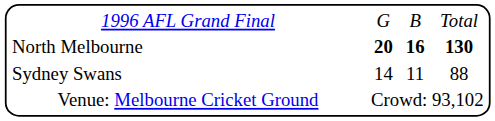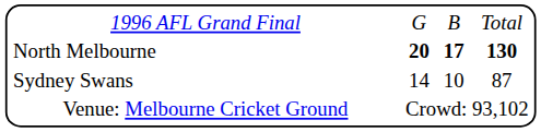 <table style="margin-right:4px; margin-top:8px; float:right; border:1px #000000 solid; border-radius:8px; background:#FFFFFF; font-family:Verdana; font-size:8pt; text-align:center;">
 <tr>
 <td width=200><em><a href='#'>1996 AFL Grand Final</a></em></td>
 <td><em>G</em></td>
 <td><em>B</em></td>
 <td><em>Total</em></td>
 </tr>
 <tr>
 <td style="text-align:left"> North Melbourne</td>
 <td><strong>20</strong></td>
-<td><strong>16</strong></td>
+<td><strong>17</strong></td>
 <td><strong>130</strong></td>
 </tr>
 <tr>
 <td style="text-align:left"> Sydney Swans</td>
 <td>14</td>
-<td>11</td>
-<td>88</td>
+<td>10</td>
+<td>87</td>
 </tr>
 <tr>
 <td>Venue: <a href='#'>Melbourne Cricket Ground</a></td>
 <td colspan="3">Crowd: 93,102</td>
 </tr>
 </table>
